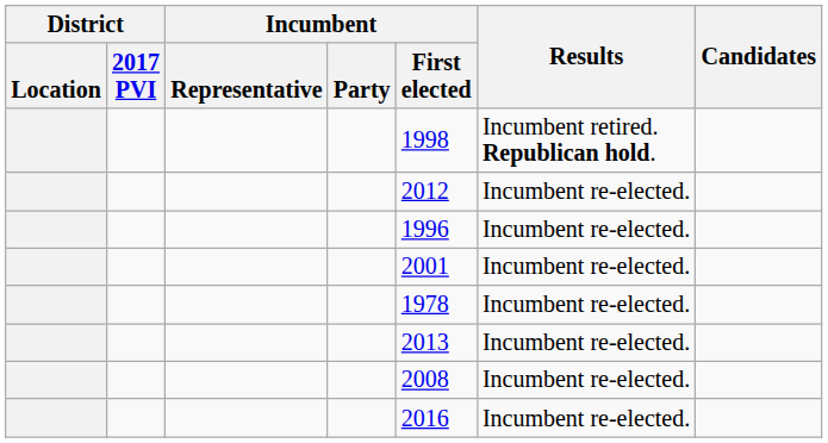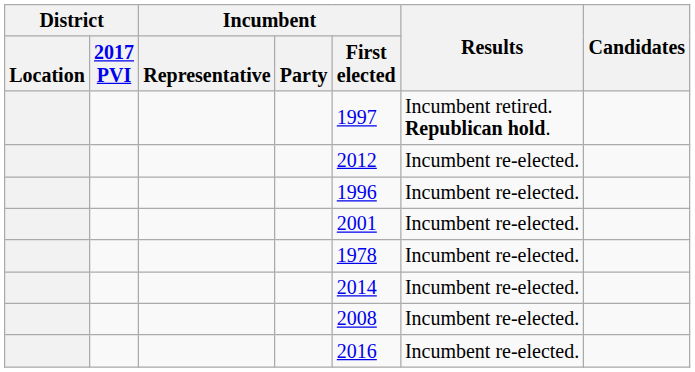 <table class="wikitable sortable">
 <tr>
 <th colspan=2>District</th>
 <th colspan=3>Incumbent</th>
 <th rowspan=2>Results</th>
 <th rowspan=2>Candidates</th>
 </tr>
 <tr valign=bottom>
 <th>Location</th>
 <th><a href='#'>2017<br>PVI</a></th>
 <th>Representative</th>
 <th>Party</th>
 <th>First<br>elected</th>
 </tr>
 <tr>
 <th></th>
 <td></td>
 <td></td>
 <td></td>
-<td><a href='#'>1998</a></td>
+<td><a href='#'>1997</a></td>
 <td>Incumbent retired.<br><strong>Republican hold</strong>.</td>
 <td nowrap></td>
 </tr>
 <tr>
 <th></th>
 <td></td>
 <td></td>
 <td></td>
 <td><a href='#'>2012</a></td>
 <td>Incumbent re-elected.</td>
 <td nowrap></td>
 </tr>
 <tr>
 <th></th>
 <td></td>
 <td></td>
 <td></td>
 <td><a href='#'>1996</a></td>
 <td>Incumbent re-elected.</td>
 <td nowrap></td>
 </tr>
 <tr>
 <th></th>
 <td></td>
 <td></td>
 <td></td>
 <td><a href='#'>2001</a></td>
 <td>Incumbent re-elected.</td>
 <td nowrap></td>
 </tr>
 <tr>
 <th></th>
 <td></td>
 <td></td>
 <td></td>
 <td><a href='#'>1978</a></td>
 <td>Incumbent re-elected.</td>
 <td nowrap></td>
 </tr>
 <tr>
 <th></th>
 <td></td>
 <td></td>
 <td></td>
-<td><a href='#'>2013</a></td>
+<td><a href='#'>2014</a></td>
 <td>Incumbent re-elected.</td>
 <td nowrap></td>
 </tr>
 <tr>
 <th></th>
 <td></td>
 <td></td>
 <td></td>
 <td><a href='#'>2008</a></td>
 <td>Incumbent re-elected.</td>
 <td nowrap></td>
 </tr>
 <tr>
 <th></th>
 <td></td>
 <td></td>
 <td></td>
 <td><a href='#'>2016</a></td>
 <td>Incumbent re-elected.</td>
 <td nowrap></td>
 </tr>
 </table>
